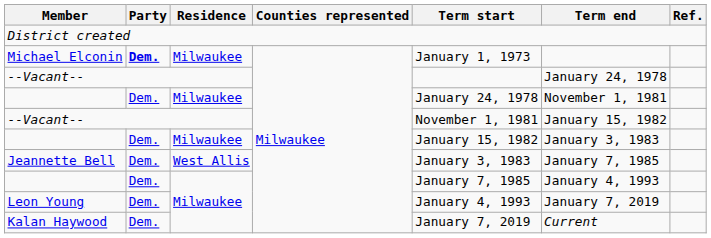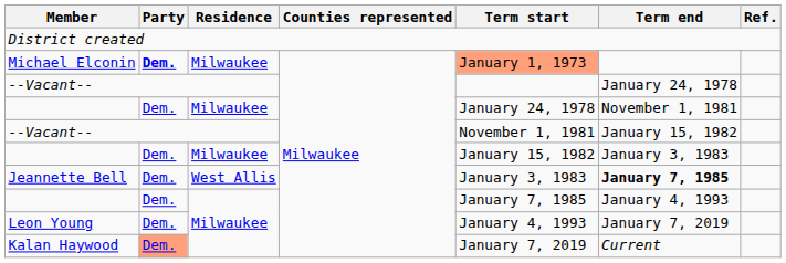 <table class="wikitable">
 <tr>
 <th>Member</th>
 <th>Party</th>
 <th>Residence</th>
 <th>Counties represented</th>
 <th>Term start</th>
 <th>Term end</th>
 <th>Ref.</th>
 </tr>
 <tr>
 <td colspan="7"><em>District created</em></td>
 </tr>
 <tr>
 <td><a href='#'>Michael Elconin</a></td>
 <td><strong><a href='#'>Dem.</a></strong></td>
 <td><a href='#'>Milwaukee</a></td>
 <td rowspan="9"><a href='#'>Milwaukee</a></td>
-<td>January 1, 1973</td>
+<td style="background: lightsalmon;">January 1, 1973</td>
 <td></td>
 <td></td>
 </tr>
 <tr>
 <td colspan="3"><em>--Vacant--</em></td>
 <td></td>
 <td>January 24, 1978</td>
 <td></td>
 </tr>
 <tr>
 <td></td>
 <td><a href='#'>Dem.</a></td>
 <td><a href='#'>Milwaukee</a></td>
 <td>January 24, 1978</td>
 <td>November 1, 1981</td>
 <td></td>
 </tr>
 <tr>
 <td colspan="3"><em>--Vacant--</em></td>
 <td>November 1, 1981</td>
 <td>January 15, 1982</td>
 <td></td>
 </tr>
 <tr>
 <td></td>
 <td><a href='#'>Dem.</a></td>
 <td><a href='#'>Milwaukee</a></td>
 <td>January 15, 1982</td>
 <td>January 3, 1983</td>
 <td></td>
 </tr>
 <tr>
 <td><a href='#'>Jeannette Bell</a></td>
 <td><a href='#'>Dem.</a></td>
 <td><a href='#'>West Allis</a></td>
 <td>January 3, 1983</td>
-<td>January 7, 1985</td>
+<td><strong>January 7, 1985</strong></td>
 <td></td>
 </tr>
 <tr>
 <td></td>
 <td><a href='#'>Dem.</a></td>
 <td rowspan="3"><a href='#'>Milwaukee</a></td>
 <td>January 7, 1985</td>
 <td>January 4, 1993</td>
 <td></td>
 </tr>
 <tr>
 <td><a href='#'>Leon Young</a></td>
 <td><a href='#'>Dem.</a></td>
 <td>January 4, 1993</td>
 <td>January 7, 2019</td>
 <td></td>
 </tr>
 <tr>
 <td><a href='#'>Kalan Haywood</a></td>
-<td><a href='#'>Dem.</a></td>
+<td style="background: lightsalmon;"><a href='#'>Dem.</a></td>
 <td>January 7, 2019</td>
 <td><em>Current</em></td>
 <td></td>
 </tr>
 </table>
